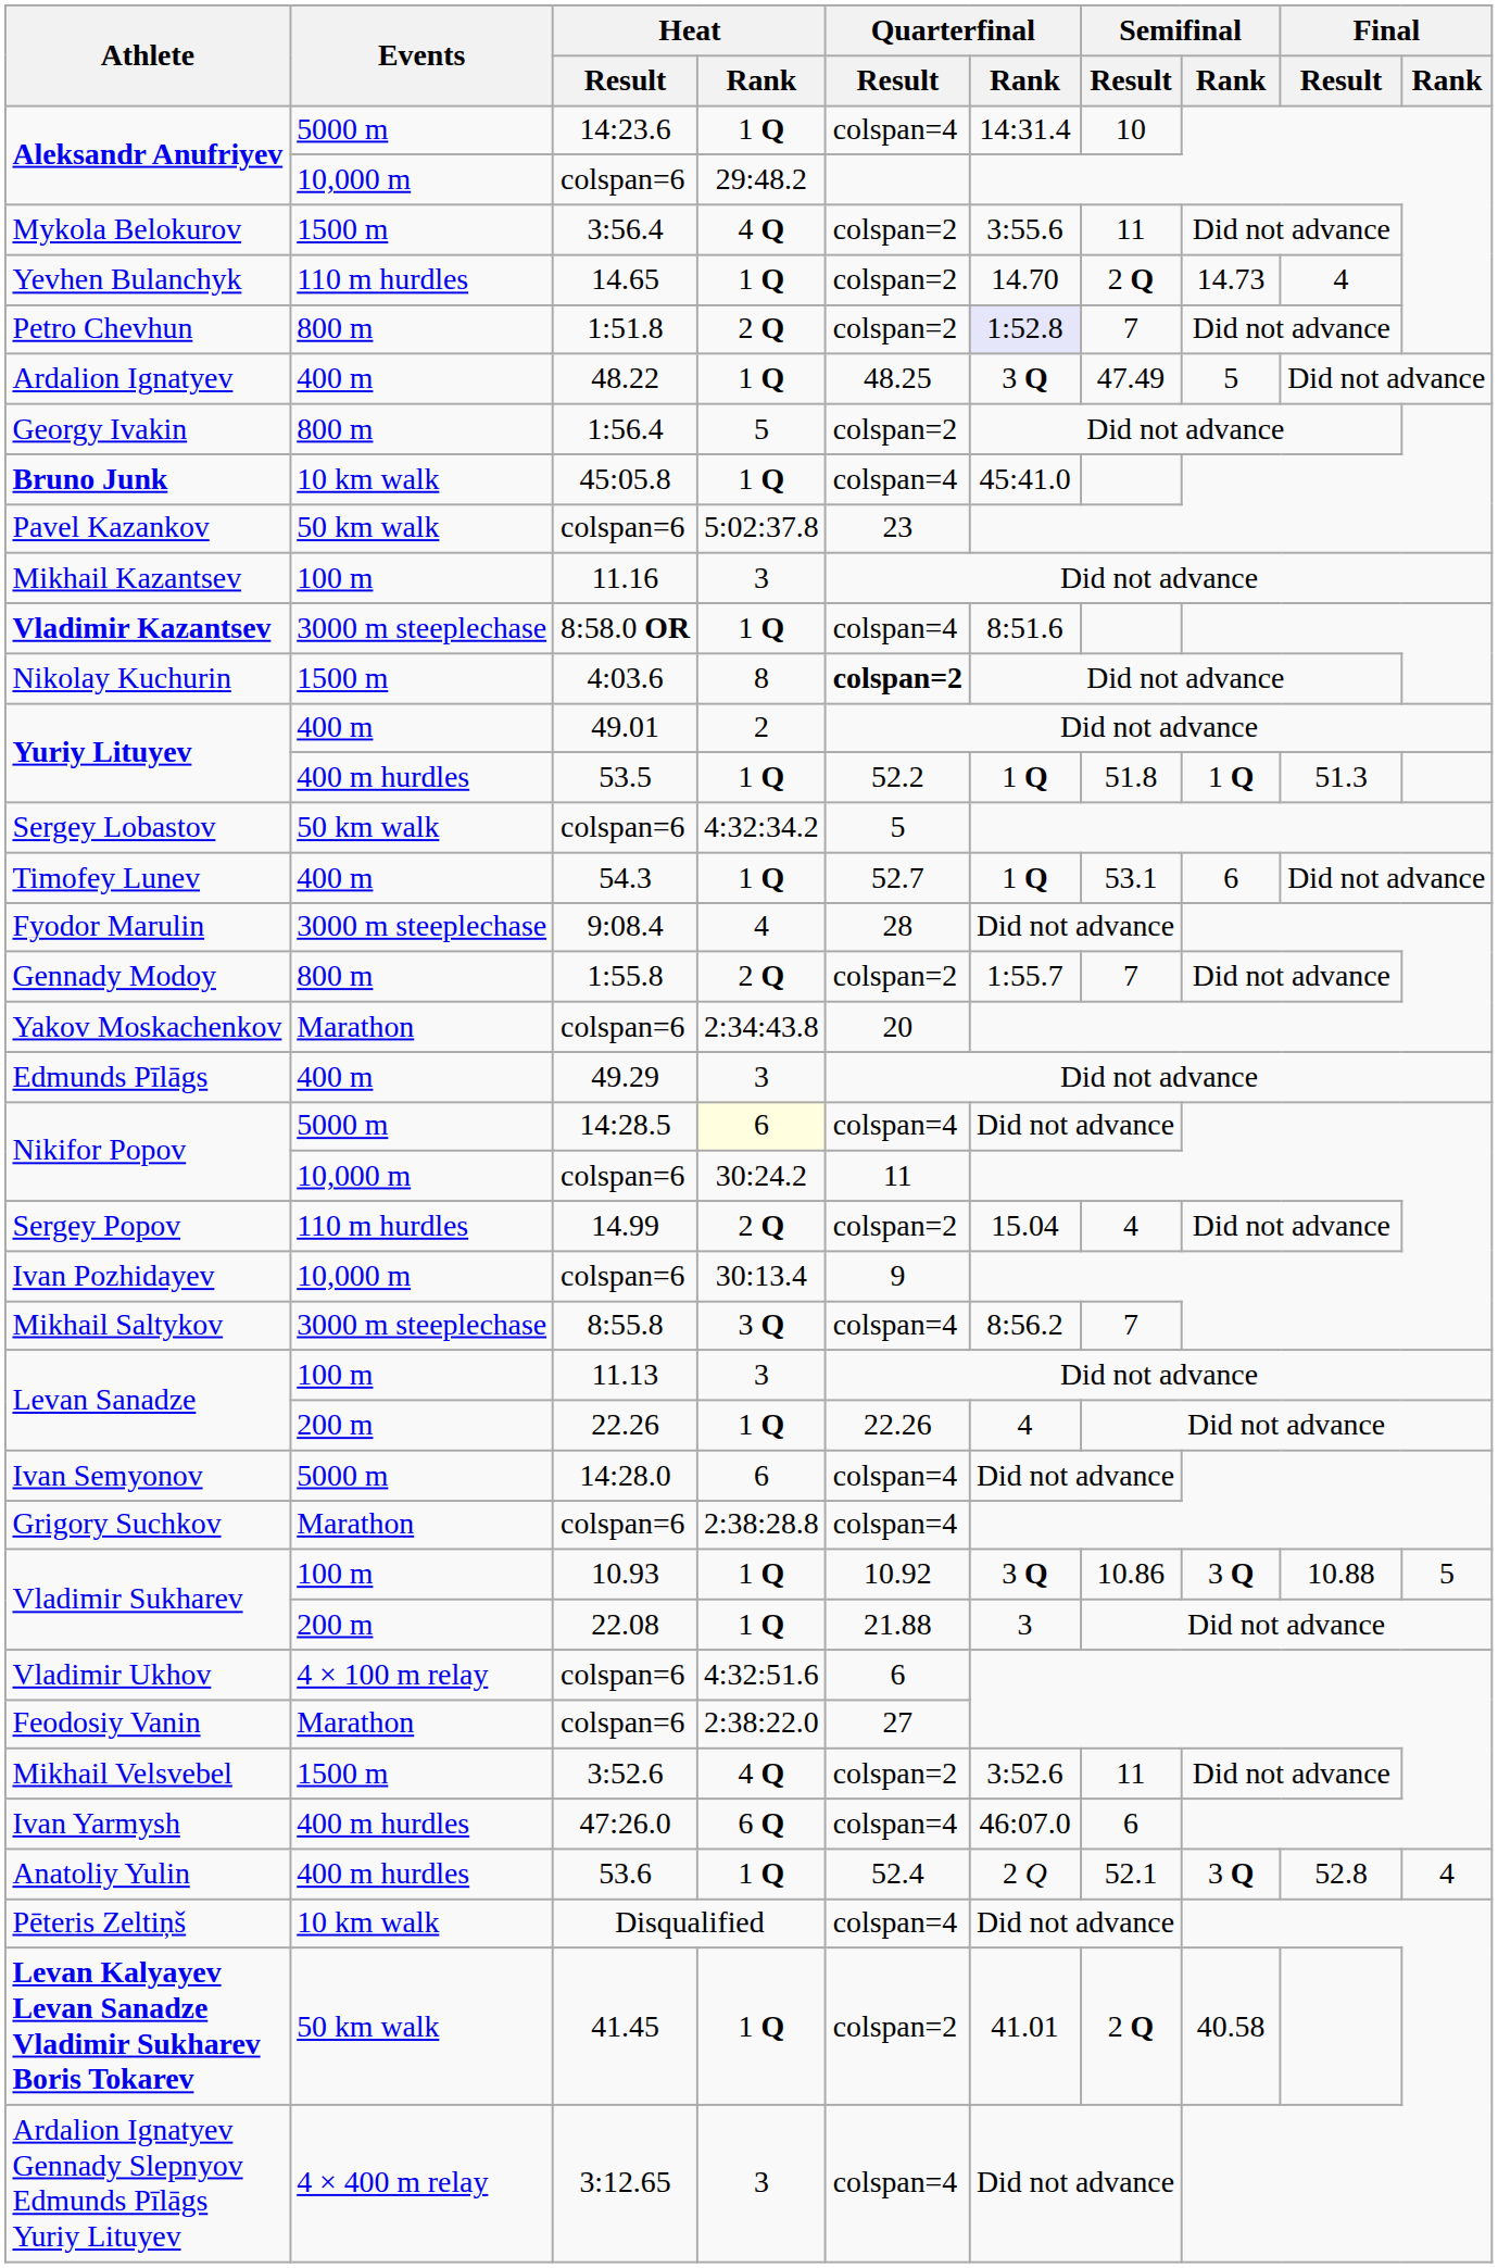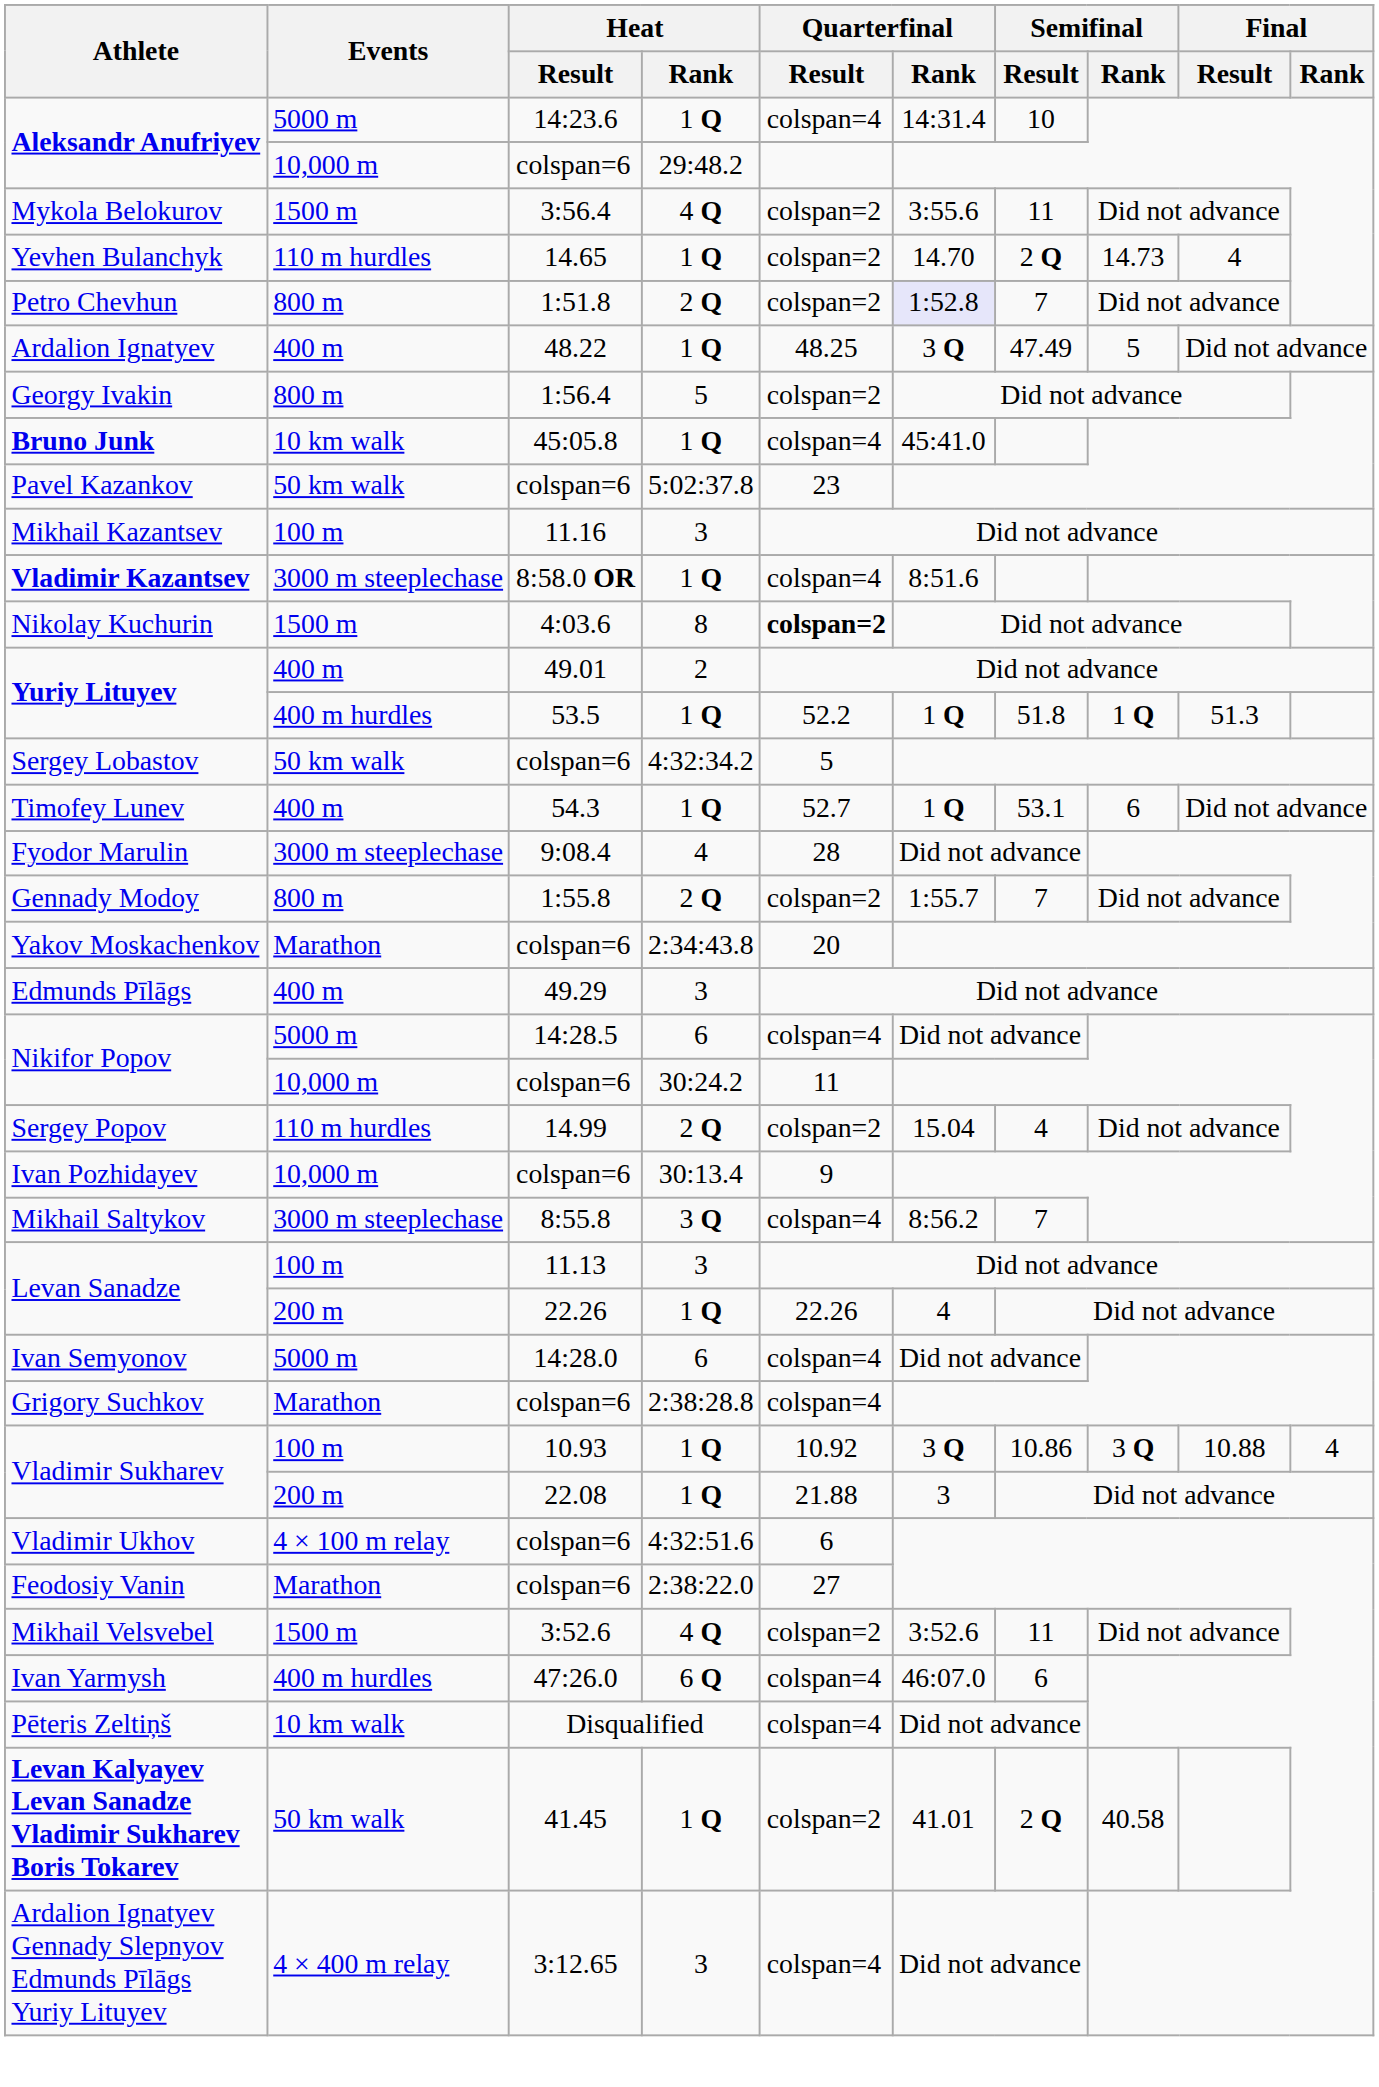 <table class=wikitable style="font-size:90%">
 <tr>
 <th rowspan="2">Athlete</th>
 <th rowspan="2">Events</th>
 <th colspan="2">Heat</th>
 <th colspan="2">Quarterfinal</th>
 <th colspan="2">Semifinal</th>
 <th colspan="2">Final</th>
 </tr>
 <tr>
 <th>Result</th>
 <th>Rank</th>
 <th>Result</th>
 <th>Rank</th>
 <th>Result</th>
 <th>Rank</th>
 <th>Result</th>
 <th>Rank</th>
 </tr>
 <tr>
 <td rowspan=2><strong><a href='#'>Aleksandr Anufriyev</a></strong></td>
 <td><a href='#'>5000 m</a></td>
 <td align=center>14:23.6</td>
 <td align=center>1 <strong>Q</strong></td>
 <td>colspan=4 </td>
 <td align=center>14:31.4</td>
 <td align=center>10</td>
 </tr>
 <tr>
 <td><a href='#'>10,000 m</a></td>
 <td>colspan=6 </td>
 <td align=center>29:48.2</td>
 <td align=center></td>
 </tr>
 <tr>
 <td><a href='#'>Mykola Belokurov</a></td>
 <td><a href='#'>1500 m</a></td>
 <td align=center>3:56.4</td>
 <td align=center>4 <strong>Q</strong></td>
 <td>colspan=2 </td>
 <td align=center>3:55.6</td>
 <td align=center>11</td>
 <td align=center colspan="2">Did not advance</td>
 </tr>
 <tr>
 <td><a href='#'>Yevhen Bulanchyk</a></td>
 <td><a href='#'>110 m hurdles</a></td>
 <td align=center>14.65</td>
 <td align=center>1 <strong>Q</strong></td>
 <td>colspan=2 </td>
 <td align=center>14.70</td>
 <td align=center>2 <strong>Q</strong></td>
 <td align=center>14.73</td>
 <td align=center>4</td>
 </tr>
 <tr>
 <td><a href='#'>Petro Chevhun</a></td>
 <td><a href='#'>800 m</a></td>
 <td align=center>1:51.8</td>
 <td align=center>2 <strong>Q</strong></td>
 <td>colspan=2 </td>
 <td align=center style="background: lavender;">1:52.8</td>
 <td align=center>7</td>
 <td align=center colspan="2">Did not advance</td>
 </tr>
 <tr>
 <td><a href='#'>Ardalion Ignatyev</a></td>
 <td><a href='#'>400 m</a></td>
 <td align=center>48.22</td>
 <td align=center>1 <strong>Q</strong></td>
 <td align=center>48.25</td>
 <td align=center>3 <strong>Q</strong></td>
 <td align=center>47.49</td>
 <td align=center>5</td>
 <td align=center colspan="2">Did not advance</td>
 </tr>
 <tr>
 <td><a href='#'>Georgy Ivakin</a></td>
 <td><a href='#'>800 m</a></td>
 <td align=center>1:56.4</td>
 <td align=center>5</td>
 <td>colspan=2 </td>
 <td align=center colspan="4">Did not advance</td>
 </tr>
 <tr>
 <td><strong><a href='#'>Bruno Junk</a></strong></td>
 <td><a href='#'>10 km walk</a></td>
 <td align=center>45:05.8</td>
 <td align=center>1 <strong>Q</strong></td>
 <td>colspan=4 </td>
 <td align=center>45:41.0</td>
 <td align=center></td>
 </tr>
 <tr>
 <td><a href='#'>Pavel Kazankov</a></td>
 <td><a href='#'>50 km walk</a></td>
 <td>colspan=6 </td>
 <td align=center>5:02:37.8</td>
 <td align=center>23</td>
 </tr>
 <tr>
 <td><a href='#'>Mikhail Kazantsev</a></td>
 <td><a href='#'>100 m</a></td>
 <td align=center>11.16</td>
 <td align=center>3</td>
 <td align=center colspan="6">Did not advance</td>
 </tr>
 <tr>
 <td><strong><a href='#'>Vladimir Kazantsev</a></strong></td>
 <td><a href='#'>3000 m steeplechase</a></td>
 <td align=center>8:58.0 <strong>OR</strong></td>
 <td align=center>1 <strong>Q</strong></td>
 <td>colspan=4 </td>
 <td align=center>8:51.6</td>
 <td align=center></td>
 </tr>
 <tr>
 <td><a href='#'>Nikolay Kuchurin</a></td>
 <td><a href='#'>1500 m</a></td>
 <td align=center>4:03.6</td>
 <td align=center>8</td>
 <td><strong>colspan=2 </strong></td>
 <td align=center colspan="4">Did not advance</td>
 </tr>
 <tr>
 <td rowspan=2><strong><a href='#'>Yuriy Lituyev</a></strong></td>
 <td><a href='#'>400 m</a></td>
 <td align=center>49.01</td>
 <td align=center>2</td>
 <td align=center colspan="6">Did not advance</td>
 </tr>
 <tr>
 <td><a href='#'>400 m hurdles</a></td>
 <td align=center>53.5</td>
 <td align=center>1 <strong>Q</strong></td>
 <td align=center>52.2</td>
 <td align=center>1 <strong>Q</strong></td>
 <td align=center>51.8</td>
 <td align=center>1 <strong>Q</strong></td>
 <td align=center>51.3</td>
 <td align=center></td>
 </tr>
 <tr>
 <td><a href='#'>Sergey Lobastov</a></td>
 <td><a href='#'>50 km walk</a></td>
 <td>colspan=6 </td>
 <td align=center>4:32:34.2</td>
 <td align=center>5</td>
 </tr>
 <tr>
 <td><a href='#'>Timofey Lunev</a></td>
 <td><a href='#'>400 m</a></td>
 <td align=center>54.3</td>
 <td align=center>1 <strong>Q</strong></td>
 <td align=center>52.7</td>
 <td align=center>1 <strong>Q</strong></td>
 <td align=center>53.1</td>
 <td align=center>6</td>
 <td align=center colspan="2">Did not advance</td>
 </tr>
 <tr>
 <td><a href='#'>Fyodor Marulin</a></td>
 <td><a href='#'>3000 m steeplechase</a></td>
 <td align=center>9:08.4</td>
 <td align=center>4</td>
 <td align=center>28</td>
 <td align=center colspan="2">Did not advance</td>
 </tr>
 <tr>
 <td><a href='#'>Gennady Modoy</a></td>
 <td><a href='#'>800 m</a></td>
 <td align=center>1:55.8</td>
 <td align=center>2 <strong>Q</strong></td>
 <td>colspan=2 </td>
 <td align=center>1:55.7</td>
 <td align=center>7</td>
 <td align=center colspan="2">Did not advance</td>
 </tr>
 <tr>
 <td><a href='#'>Yakov Moskachenkov</a></td>
 <td><a href='#'>Marathon</a></td>
 <td>colspan=6 </td>
 <td align=center>2:34:43.8</td>
 <td align=center>20</td>
 </tr>
 <tr>
 <td><a href='#'>Edmunds Pīlāgs</a></td>
 <td><a href='#'>400 m</a></td>
 <td align=center>49.29</td>
 <td align=center>3</td>
 <td align=center colspan="6">Did not advance</td>
 </tr>
 <tr>
 <td rowspan=2><a href='#'>Nikifor Popov</a></td>
 <td><a href='#'>5000 m</a></td>
 <td align=center>14:28.5</td>
-<td align=center style="background: lightyellow;">6</td>
+<td align=center>6</td>
 <td>colspan=4 </td>
 <td align=center colspan="2">Did not advance</td>
 </tr>
 <tr>
 <td><a href='#'>10,000 m</a></td>
 <td>colspan=6 </td>
 <td align=center>30:24.2</td>
 <td align=center>11</td>
 </tr>
 <tr>
 <td><a href='#'>Sergey Popov</a></td>
 <td><a href='#'>110 m hurdles</a></td>
 <td align=center>14.99</td>
 <td align=center>2 <strong>Q</strong></td>
 <td>colspan=2 </td>
 <td align=center>15.04</td>
 <td align=center>4</td>
 <td align=center colspan="2">Did not advance</td>
 </tr>
 <tr>
 <td><a href='#'>Ivan Pozhidayev</a></td>
 <td><a href='#'>10,000 m</a></td>
 <td>colspan=6 </td>
 <td align=center>30:13.4</td>
 <td align=center>9</td>
 </tr>
 <tr>
 <td><a href='#'>Mikhail Saltykov</a></td>
 <td><a href='#'>3000 m steeplechase</a></td>
 <td align=center>8:55.8</td>
 <td align=center>3 <strong>Q</strong></td>
 <td>colspan=4 </td>
 <td align=center>8:56.2</td>
 <td align=center>7</td>
 </tr>
 <tr>
 <td rowspan=2><a href='#'>Levan Sanadze</a></td>
 <td><a href='#'>100 m</a></td>
 <td align=center>11.13</td>
 <td align=center>3</td>
 <td align=center colspan="6">Did not advance</td>
 </tr>
 <tr>
 <td><a href='#'>200 m</a></td>
 <td align=center>22.26</td>
 <td align=center>1 <strong>Q</strong></td>
 <td align=center>22.26</td>
 <td align=center>4</td>
 <td align=center colspan="4">Did not advance</td>
 </tr>
 <tr>
 <td><a href='#'>Ivan Semyonov</a></td>
 <td><a href='#'>5000 m</a></td>
 <td align=center>14:28.0</td>
 <td align=center>6</td>
 <td>colspan=4 </td>
 <td align=center colspan="2">Did not advance</td>
 </tr>
 <tr>
 <td><a href='#'>Grigory Suchkov</a></td>
 <td><a href='#'>Marathon</a></td>
 <td>colspan=6 </td>
 <td align=center>2:38:28.8</td>
 <td>colspan=4 </td>
 </tr>
 <tr>
 <td rowspan=2><a href='#'>Vladimir Sukharev</a></td>
 <td><a href='#'>100 m</a></td>
 <td align=center>10.93</td>
 <td align=center>1 <strong>Q</strong></td>
 <td align=center>10.92</td>
 <td align=center>3 <strong>Q</strong></td>
 <td align=center>10.86</td>
 <td align=center>3 <strong>Q</strong></td>
 <td align=center>10.88</td>
-<td align=center>5</td>
+<td align=center>4</td>
 </tr>
 <tr>
 <td><a href='#'>200 m</a></td>
 <td align=center>22.08</td>
 <td align=center>1 <strong>Q</strong></td>
 <td align=center>21.88</td>
 <td align=center>3</td>
 <td align=center colspan="4">Did not advance</td>
 </tr>
 <tr>
 <td><a href='#'>Vladimir Ukhov</a></td>
 <td><a href='#'>4 × 100 m relay</a></td>
 <td>colspan=6 </td>
 <td align=center>4:32:51.6</td>
 <td align=center>6</td>
 </tr>
 <tr>
 <td><a href='#'>Feodosiy Vanin</a></td>
 <td><a href='#'>Marathon</a></td>
 <td>colspan=6 </td>
 <td align=center>2:38:22.0</td>
 <td align=center>27</td>
 </tr>
 <tr>
 <td><a href='#'>Mikhail Velsvebel</a></td>
 <td><a href='#'>1500 m</a></td>
 <td align=center>3:52.6</td>
 <td align=center>4 <strong>Q</strong></td>
 <td>colspan=2 </td>
 <td align=center>3:52.6</td>
 <td align=center>11</td>
 <td align=center colspan="2">Did not advance</td>
 </tr>
 <tr>
 <td><a href='#'>Ivan Yarmysh</a></td>
 <td><a href='#'>400 m hurdles</a></td>
 <td align=center>47:26.0</td>
 <td align=center>6 <strong>Q</strong></td>
 <td>colspan=4 </td>
 <td align=center>46:07.0</td>
 <td align=center>6</td>
 </tr>
 <tr>
-<td><a href='#'>Anatoliy Yulin</a></td>
-<td><a href='#'>400 m hurdles</a></td>
-<td align=center>53.6</td>
-<td align=center>1 <strong>Q</strong></td>
-<td align=center>52.4</td>
-<td align=center>2 <em>Q</em></td>
-<td align=center>52.1</td>
-<td align=center>3 <strong>Q</strong></td>
-<td align=center>52.8</td>
-<td align=center>4</td>
-</tr>
-<tr>
 <td><a href='#'>Pēteris Zeltiņš</a></td>
 <td><a href='#'>10 km walk</a></td>
 <td align=center colspan="2">Disqualified</td>
 <td>colspan=4 </td>
 <td align=center colspan="2">Did not advance</td>
 </tr>
 <tr>
 <td><strong><a href='#'>Levan Kalyayev</a> <br><a href='#'>Levan Sanadze</a><br><a href='#'>Vladimir Sukharev</a><br><a href='#'>Boris Tokarev</a></strong></td>
 <td><a href='#'>50 km walk</a></td>
 <td align=center>41.45</td>
 <td align=center>1 <strong>Q</strong></td>
 <td>colspan=2 </td>
 <td align=center>41.01</td>
 <td align=center>2 <strong>Q</strong></td>
 <td align=center>40.58</td>
 <td align=center></td>
 </tr>
 <tr>
 <td><a href='#'>Ardalion Ignatyev</a> <br><a href='#'>Gennady Slepnyov</a><br><a href='#'>Edmunds Pīlāgs</a><br><a href='#'>Yuriy Lituyev</a></td>
 <td><a href='#'>4 × 400 m relay</a></td>
 <td align=center>3:12.65</td>
 <td align=center>3</td>
 <td>colspan=4 </td>
 <td align=center colspan="2">Did not advance</td>
 </tr>
 </table>
